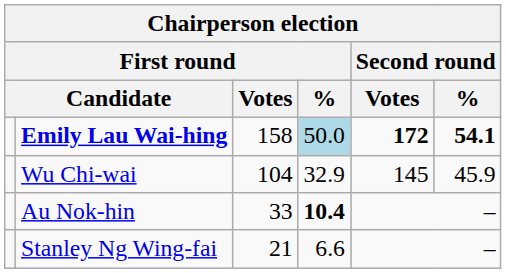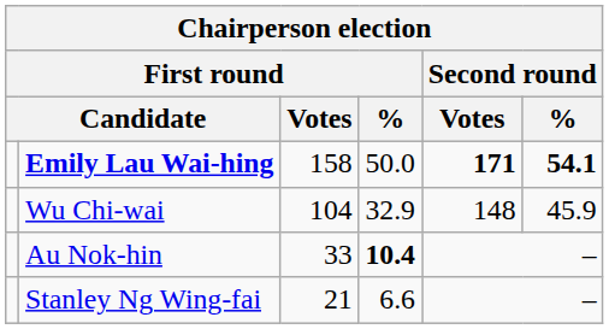 <table class="wikitable" style="text-align:right">
 <tr>
 <th colspan=7>Chairperson election</th>
 </tr>
 <tr>
 <th colspan=4>First round</th>
 <th colspan=2>Second round</th>
 </tr>
 <tr>
 <th colspan=2>Candidate</th>
 <th>Votes</th>
 <th>%</th>
 <th>Votes</th>
 <th>%</th>
 </tr>
 <tr>
 <td></td>
 <td align=left><strong><a href='#'>Emily Lau Wai-hing</a></strong></td>
 <td>158</td>
-<td style="background: lightblue;">50.0</td>
-<td><strong>172</strong></td>
+<td>50.0</td>
+<td><strong>171</strong></td>
 <td><strong>54.1</strong></td>
 </tr>
 <tr>
 <td></td>
 <td align=left><a href='#'>Wu Chi-wai</a></td>
 <td>104</td>
 <td>32.9</td>
-<td>145</td>
+<td>148</td>
 <td>45.9</td>
 </tr>
 <tr>
 <td></td>
 <td align=left><a href='#'>Au Nok-hin</a></td>
 <td>33</td>
 <td><strong>10.4</strong></td>
 <td colspan=2>–</td>
 </tr>
 <tr>
 <td></td>
 <td align=left><a href='#'>Stanley Ng Wing-fai</a></td>
 <td>21</td>
 <td>6.6</td>
 <td colspan=2>–</td>
 </tr>
 </table>
